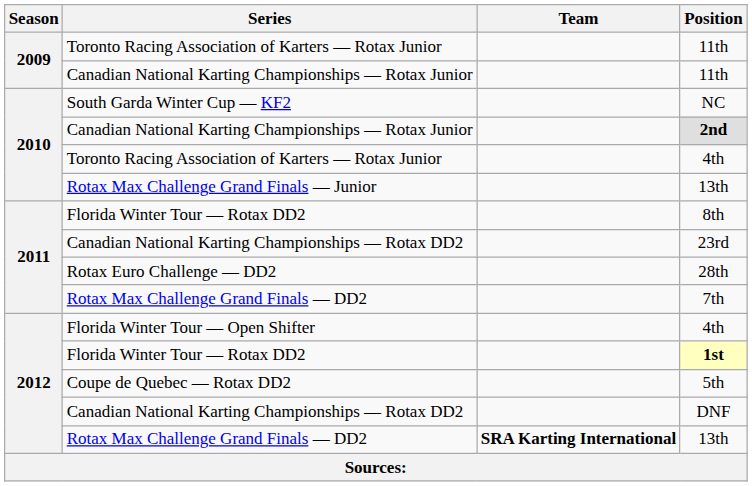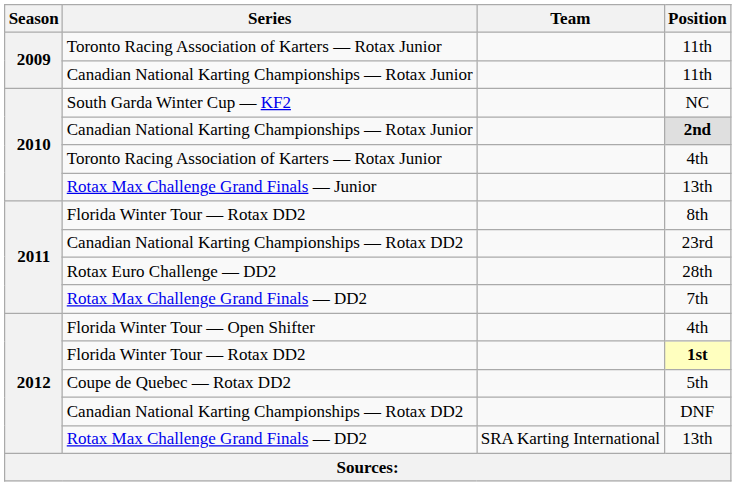 <table class="wikitable" style="font-size: 85%; text-align:center">
 <tr>
 <th>Season</th>
 <th>Series</th>
 <th>Team</th>
 <th>Position</th>
 </tr>
 <tr>
 <th rowspan="2">2009</th>
 <td align="left">Toronto Racing Association of Karters — Rotax Junior</td>
 <td align="left"></td>
 <td>11th</td>
 </tr>
 <tr>
 <td align="left">Canadian National Karting Championships — Rotax Junior</td>
 <td align="left"></td>
 <td>11th</td>
 </tr>
 <tr>
 <th rowspan="4">2010</th>
 <td align="left">South Garda Winter Cup — <a href='#'>KF2</a></td>
 <td align="left"></td>
 <td>NC</td>
 </tr>
 <tr>
 <td align="left">Canadian National Karting Championships — Rotax Junior</td>
 <td align="left"></td>
 <td style="background:#DFDFDF;"><strong>2nd</strong></td>
 </tr>
 <tr>
 <td align="left">Toronto Racing Association of Karters — Rotax Junior</td>
 <td align="left"></td>
 <td>4th</td>
 </tr>
 <tr>
 <td align="left"><a href='#'>Rotax Max Challenge Grand Finals</a> — Junior</td>
 <td align="left"></td>
 <td>13th</td>
 </tr>
 <tr>
 <th rowspan="4">2011</th>
 <td align="left">Florida Winter Tour — Rotax DD2</td>
 <td align="left"></td>
 <td>8th</td>
 </tr>
 <tr>
 <td align="left">Canadian National Karting Championships — Rotax DD2</td>
 <td align="left"></td>
 <td>23rd</td>
 </tr>
 <tr>
 <td align="left">Rotax Euro Challenge — DD2</td>
 <td align="left"></td>
 <td>28th</td>
 </tr>
 <tr>
 <td align="left"><a href='#'>Rotax Max Challenge Grand Finals</a> — DD2</td>
 <td align="left"></td>
 <td>7th</td>
 </tr>
 <tr>
 <th rowspan="5">2012</th>
 <td align="left">Florida Winter Tour — Open Shifter</td>
 <td align="left"></td>
 <td>4th</td>
 </tr>
 <tr>
 <td align="left">Florida Winter Tour — Rotax DD2</td>
 <td align="left"></td>
 <td style="background:#FFFFBF;"><strong>1st</strong></td>
 </tr>
 <tr>
 <td align="left">Coupe de Quebec — Rotax DD2</td>
 <td align="left"></td>
 <td>5th</td>
 </tr>
 <tr>
 <td align="left">Canadian National Karting Championships — Rotax DD2</td>
 <td align="left"></td>
 <td>DNF</td>
 </tr>
 <tr>
 <td align="left"><a href='#'>Rotax Max Challenge Grand Finals</a> — DD2</td>
-<td align="left"><strong>SRA Karting International</strong></td>
+<td align="left">SRA Karting International</td>
 <td>13th</td>
 </tr>
 <tr>
 <th colspan="4">Sources:</th>
 </tr>
 </table>
